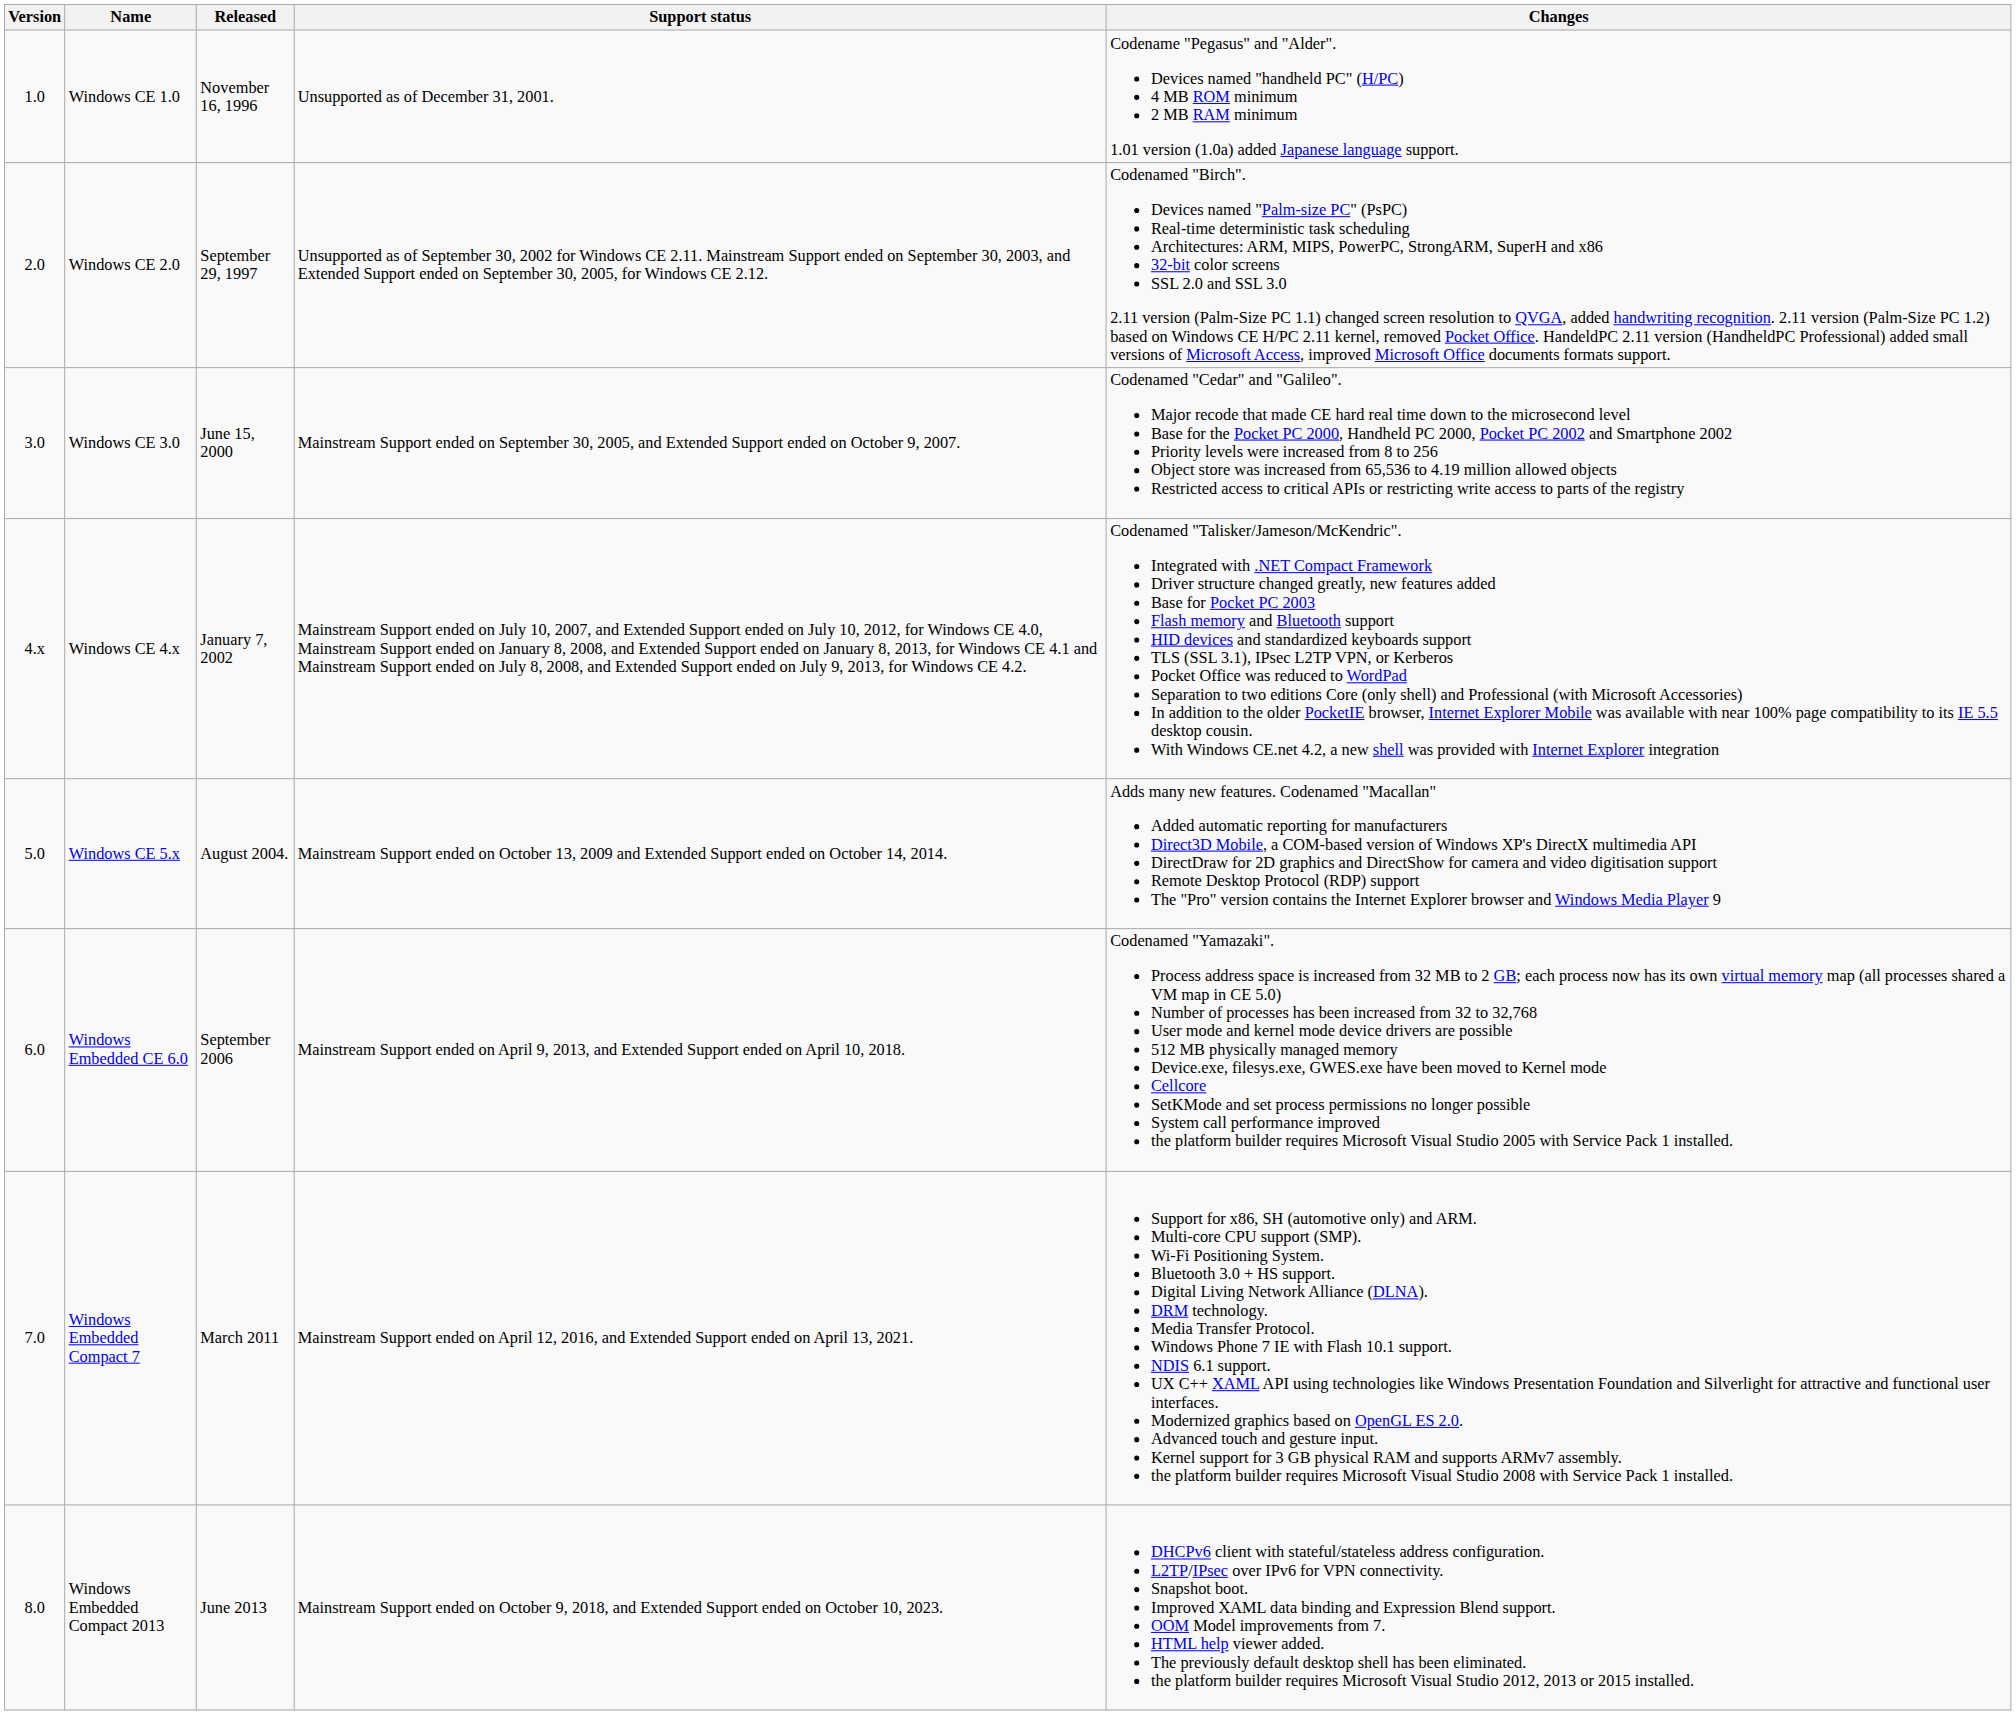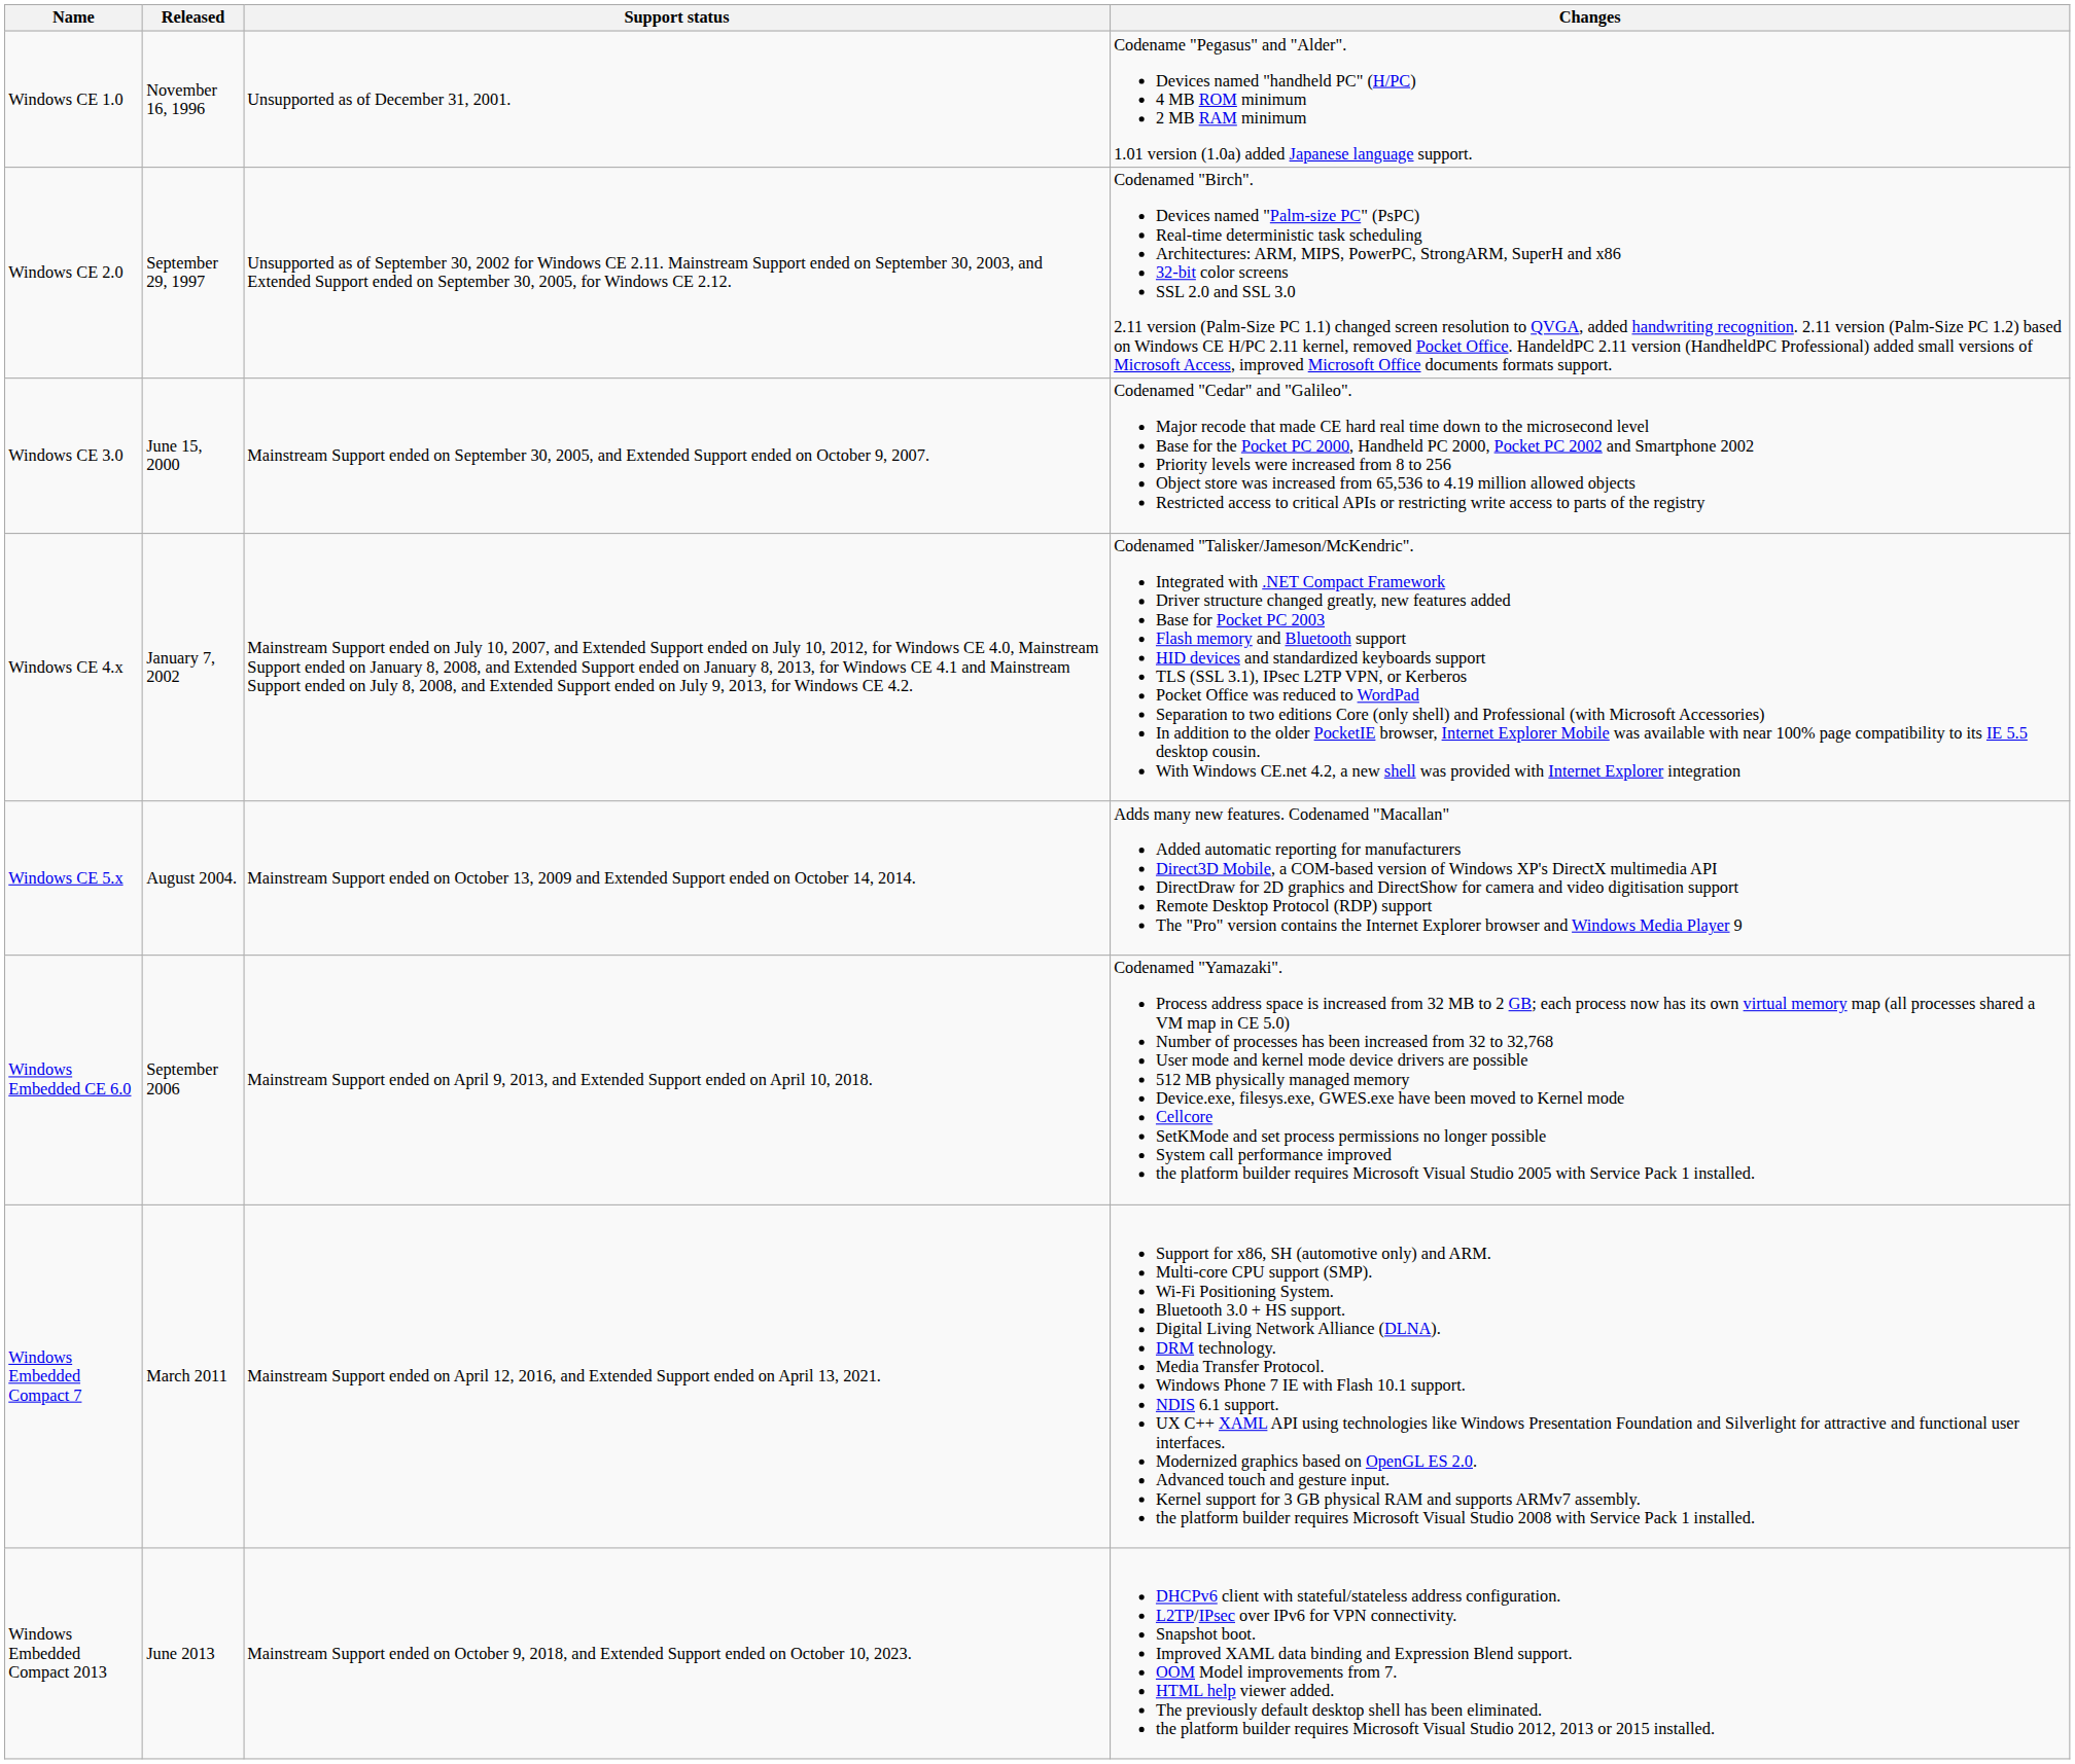 <table class=wikitable>
 <tr>
-<th>Version</th>
 <th>Name</th>
 <th>Released</th>
 <th>Support status</th>
 <th>Changes</th>
 </tr>
 <tr>
-<td style=text-align:center>1.0</td>
 <td>Windows CE 1.0</td>
 <td>November 16, 1996</td>
 <td>Unsupported as of December 31, 2001.</td>
 <td>Codename "Pegasus" and "Alder".<br><ul><li>Devices named "handheld PC" (<a href='#'>H/PC</a>)</li><li>4 MB <a href='#'>ROM</a> minimum</li><li>2 MB <a href='#'>RAM</a> minimum</li></ul>1.01 version (1.0a) added <a href='#'>Japanese language</a> support.</td>
 </tr>
 <tr>
-<td style=text-align:center>2.0</td>
 <td>Windows CE 2.0</td>
 <td>September 29, 1997</td>
 <td>Unsupported as of September 30, 2002 for Windows CE 2.11. Mainstream Support ended on September 30, 2003, and Extended Support ended on September 30, 2005, for Windows CE 2.12.</td>
 <td>Codenamed "Birch".<br><ul><li>Devices named "<a href='#'>Palm-size PC</a>" (PsPC)</li><li>Real-time deterministic task scheduling</li><li>Architectures: ARM, MIPS, PowerPC, StrongARM, SuperH and x86</li><li><a href='#'>32-bit</a> color screens</li><li>SSL 2.0 and SSL 3.0</li></ul>2.11 version (Palm-Size PC 1.1) changed screen resolution to <a href='#'>QVGA</a>, added <a href='#'>handwriting recognition</a>. 2.11 version (Palm-Size PC 1.2) based on Windows CE H/PC 2.11 kernel, removed <a href='#'>Pocket Office</a>. HandeldPC 2.11 version (HandheldPC Professional) added small versions of <a href='#'>Microsoft Access</a>, improved <a href='#'>Microsoft Office</a> documents formats support.</td>
 </tr>
 <tr>
-<td style=text-align:center>3.0</td>
 <td>Windows CE 3.0</td>
 <td>June 15, 2000</td>
 <td>Mainstream Support ended on September 30, 2005, and Extended Support ended on October 9, 2007.</td>
 <td>Codenamed "Cedar" and "Galileo".<br><ul><li>Major recode that made CE hard real time down to the microsecond level</li><li>Base for the <a href='#'>Pocket PC 2000</a>, Handheld PC 2000, <a href='#'>Pocket PC 2002</a> and Smartphone 2002</li><li>Priority levels were increased from 8 to 256</li><li>Object store was increased from 65,536 to 4.19 million allowed objects</li><li>Restricted access to critical APIs or restricting write access to parts of the registry</li></ul></td>
 </tr>
 <tr>
-<td style=text-align:center>4.x</td>
 <td>Windows CE 4.x</td>
 <td>January 7, 2002</td>
 <td>Mainstream Support ended on July 10, 2007, and Extended Support ended on July 10, 2012, for Windows CE 4.0, Mainstream Support ended on January 8, 2008, and Extended Support ended on January 8, 2013, for Windows CE 4.1 and Mainstream Support ended on July 8, 2008, and Extended Support ended on July 9, 2013, for Windows CE 4.2.</td>
 <td>Codenamed "Talisker/Jameson/McKendric".<br><ul><li>Integrated with <a href='#'>.NET Compact Framework</a></li><li>Driver structure changed greatly, new features added</li><li>Base for <a href='#'>Pocket PC 2003</a></li><li><a href='#'>Flash memory</a> and <a href='#'>Bluetooth</a> support</li><li><a href='#'>HID devices</a> and standardized keyboards support</li><li>TLS (SSL 3.1), IPsec L2TP VPN, or Kerberos</li><li>Pocket Office was reduced to <a href='#'>WordPad</a></li><li>Separation to two editions Core (only shell) and Professional (with Microsoft Accessories)</li><li>In addition to the older <a href='#'>PocketIE</a> browser, <a href='#'>Internet Explorer Mobile</a> was available with near 100% page compatibility to its <a href='#'>IE 5.5</a> desktop cousin.</li><li>With Windows CE.net 4.2, a new <a href='#'>shell</a> was provided with <a href='#'>Internet Explorer</a> integration</li></ul></td>
 </tr>
 <tr>
-<td style=text-align:center>5.0</td>
 <td><a href='#'>Windows CE 5.x</a></td>
 <td>August 2004.</td>
 <td>Mainstream Support ended on October 13, 2009 and Extended Support ended on October 14, 2014.</td>
 <td>Adds many new features. Codenamed "Macallan"<br><ul><li>Added automatic reporting for manufacturers</li><li><a href='#'>Direct3D Mobile</a>, a COM-based version of Windows XP's DirectX multimedia API</li><li>DirectDraw for 2D graphics and DirectShow for camera and video digitisation support</li><li>Remote Desktop Protocol (RDP) support</li><li>The "Pro" version contains the Internet Explorer browser and <a href='#'>Windows Media Player</a> 9</li></ul></td>
 </tr>
 <tr>
-<td style=text-align:center>6.0</td>
 <td><a href='#'>Windows Embedded CE 6.0</a></td>
 <td>September 2006</td>
 <td>Mainstream Support ended on April 9, 2013, and Extended Support ended on April 10, 2018.</td>
 <td>Codenamed "Yamazaki".<br><ul><li>Process address space is increased from 32 MB to 2 <a href='#'>GB</a>; each process now has its own <a href='#'>virtual memory</a> map (all processes shared a VM map in CE 5.0)</li><li>Number of processes has been increased from 32 to 32,768</li><li>User mode and kernel mode device drivers are possible</li><li>512 MB physically managed memory</li><li>Device.exe, filesys.exe, GWES.exe have been moved to Kernel mode</li><li><a href='#'>Cellcore</a></li><li>SetKMode and set process permissions no longer possible</li><li>System call performance improved</li><li>the platform builder requires Microsoft Visual Studio 2005 with Service Pack 1 installed.</li></ul></td>
 </tr>
 <tr>
-<td style=text-align:center>7.0</td>
 <td><a href='#'>Windows Embedded Compact 7</a></td>
 <td>March 2011</td>
 <td>Mainstream Support ended on April 12, 2016, and Extended Support ended on April 13, 2021.</td>
 <td><br><ul><li>Support for x86, SH (automotive only) and ARM.</li><li>Multi-core CPU support (SMP).</li><li>Wi-Fi Positioning System.</li><li>Bluetooth 3.0 + HS support.</li><li>Digital Living Network Alliance (<a href='#'>DLNA</a>).</li><li><a href='#'>DRM</a> technology.</li><li>Media Transfer Protocol.</li><li>Windows Phone 7 IE with Flash 10.1 support.</li><li><a href='#'>NDIS</a> 6.1 support.</li><li>UX C++ <a href='#'>XAML</a> API using technologies like Windows Presentation Foundation and Silverlight for attractive and functional user interfaces.</li><li>Modernized graphics based on <a href='#'>OpenGL ES 2.0</a>.</li><li>Advanced touch and gesture input.</li><li>Kernel support for 3 GB physical RAM and supports ARMv7 assembly.</li><li>the platform builder requires Microsoft Visual Studio 2008 with Service Pack 1 installed.</li></ul></td>
 </tr>
 <tr>
-<td style=text-align:center>8.0</td>
 <td>Windows Embedded Compact 2013</td>
 <td>June 2013</td>
 <td>Mainstream Support ended on October 9, 2018, and Extended Support ended on October 10, 2023.</td>
 <td><br><ul><li><a href='#'>DHCPv6</a> client with stateful/stateless address configuration.</li><li><a href='#'>L2TP</a>/<a href='#'>IPsec</a> over IPv6 for VPN connectivity.</li><li>Snapshot boot.</li><li>Improved XAML data binding and Expression Blend support.</li><li><a href='#'>OOM</a> Model improvements from 7.</li><li><a href='#'>HTML help</a> viewer added.</li><li>The previously default desktop shell has been eliminated.</li><li>the platform builder requires Microsoft Visual Studio 2012, 2013 or 2015 installed.</li></ul></td>
 </tr>
 </table>
